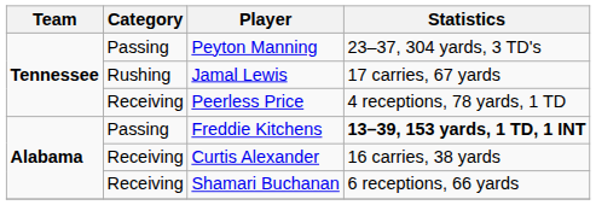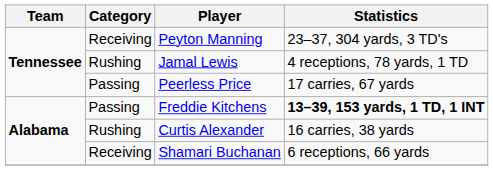 <table class="wikitable" style="float: right;">
 <tr>
 <th>Team</th>
 <th>Category</th>
 <th>Player</th>
 <th>Statistics</th>
 </tr>
 <tr>
 <td rowspan=3><strong>Tennessee</strong></td>
-<td>Passing</td>
+<td>Receiving</td>
 <td><a href='#'>Peyton Manning</a></td>
 <td>23–37, 304 yards, 3 TD's</td>
 </tr>
 <tr>
 <td>Rushing</td>
 <td><a href='#'>Jamal Lewis</a></td>
-<td>17 carries, 67 yards</td>
+<td>4 receptions, 78 yards, 1 TD</td>
 </tr>
 <tr>
-<td>Receiving</td>
+<td>Passing</td>
 <td><a href='#'>Peerless Price</a></td>
-<td>4 receptions, 78 yards, 1 TD</td>
+<td>17 carries, 67 yards</td>
 </tr>
 <tr>
 <td rowspan=3><strong>Alabama</strong></td>
 <td>Passing</td>
 <td><a href='#'>Freddie Kitchens</a></td>
 <td><strong>13–39, 153 yards, 1 TD, 1 INT</strong></td>
 </tr>
 <tr>
-<td>Receiving</td>
+<td>Rushing</td>
 <td><a href='#'>Curtis Alexander</a></td>
 <td>16 carries, 38 yards</td>
 </tr>
 <tr>
 <td>Receiving</td>
 <td><a href='#'>Shamari Buchanan</a></td>
 <td>6 receptions, 66 yards</td>
 </tr>
 <tr>
 </tr>
 </table>
